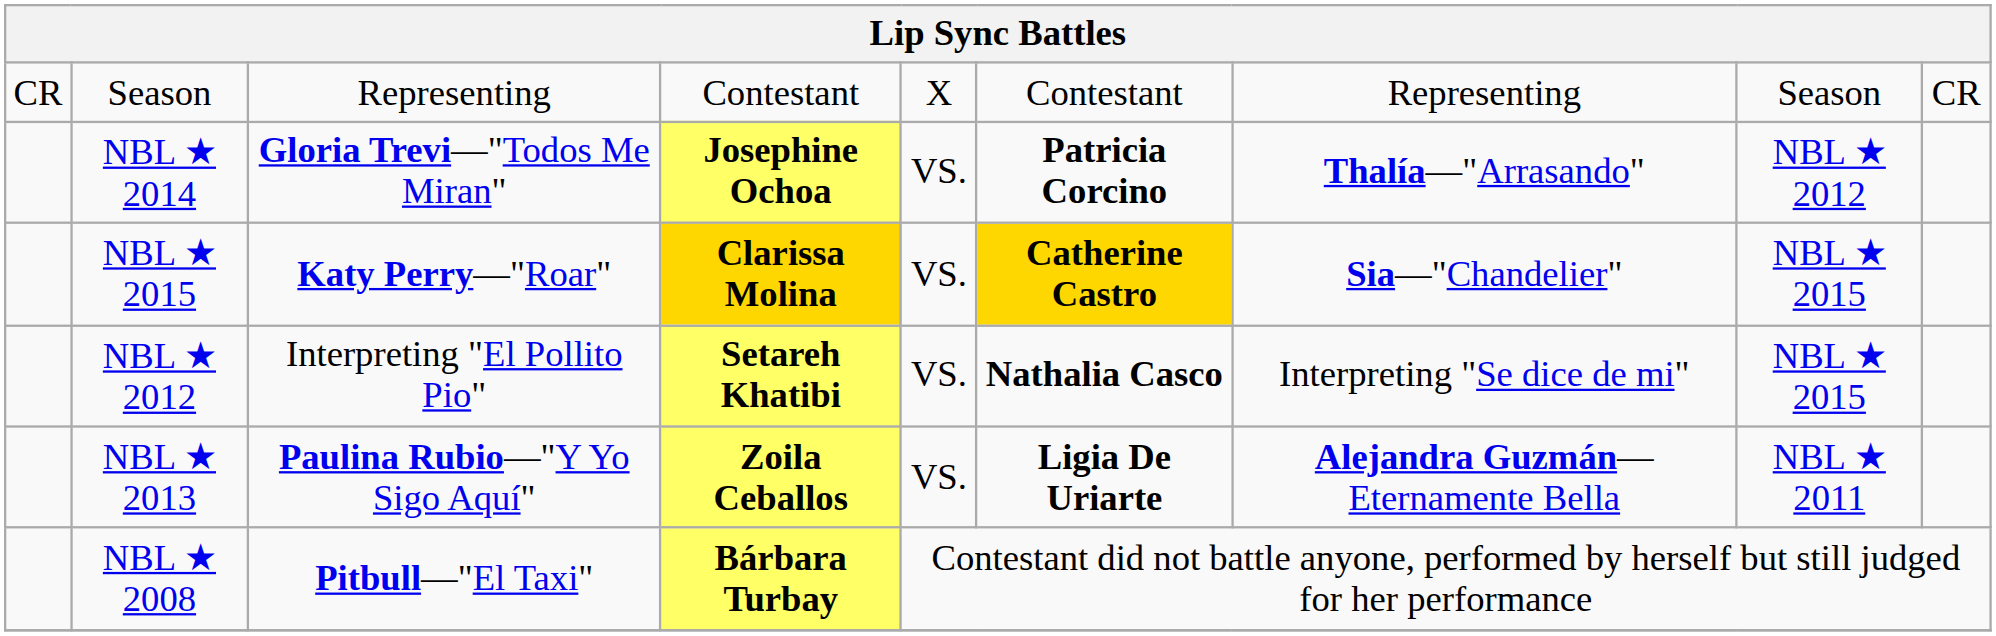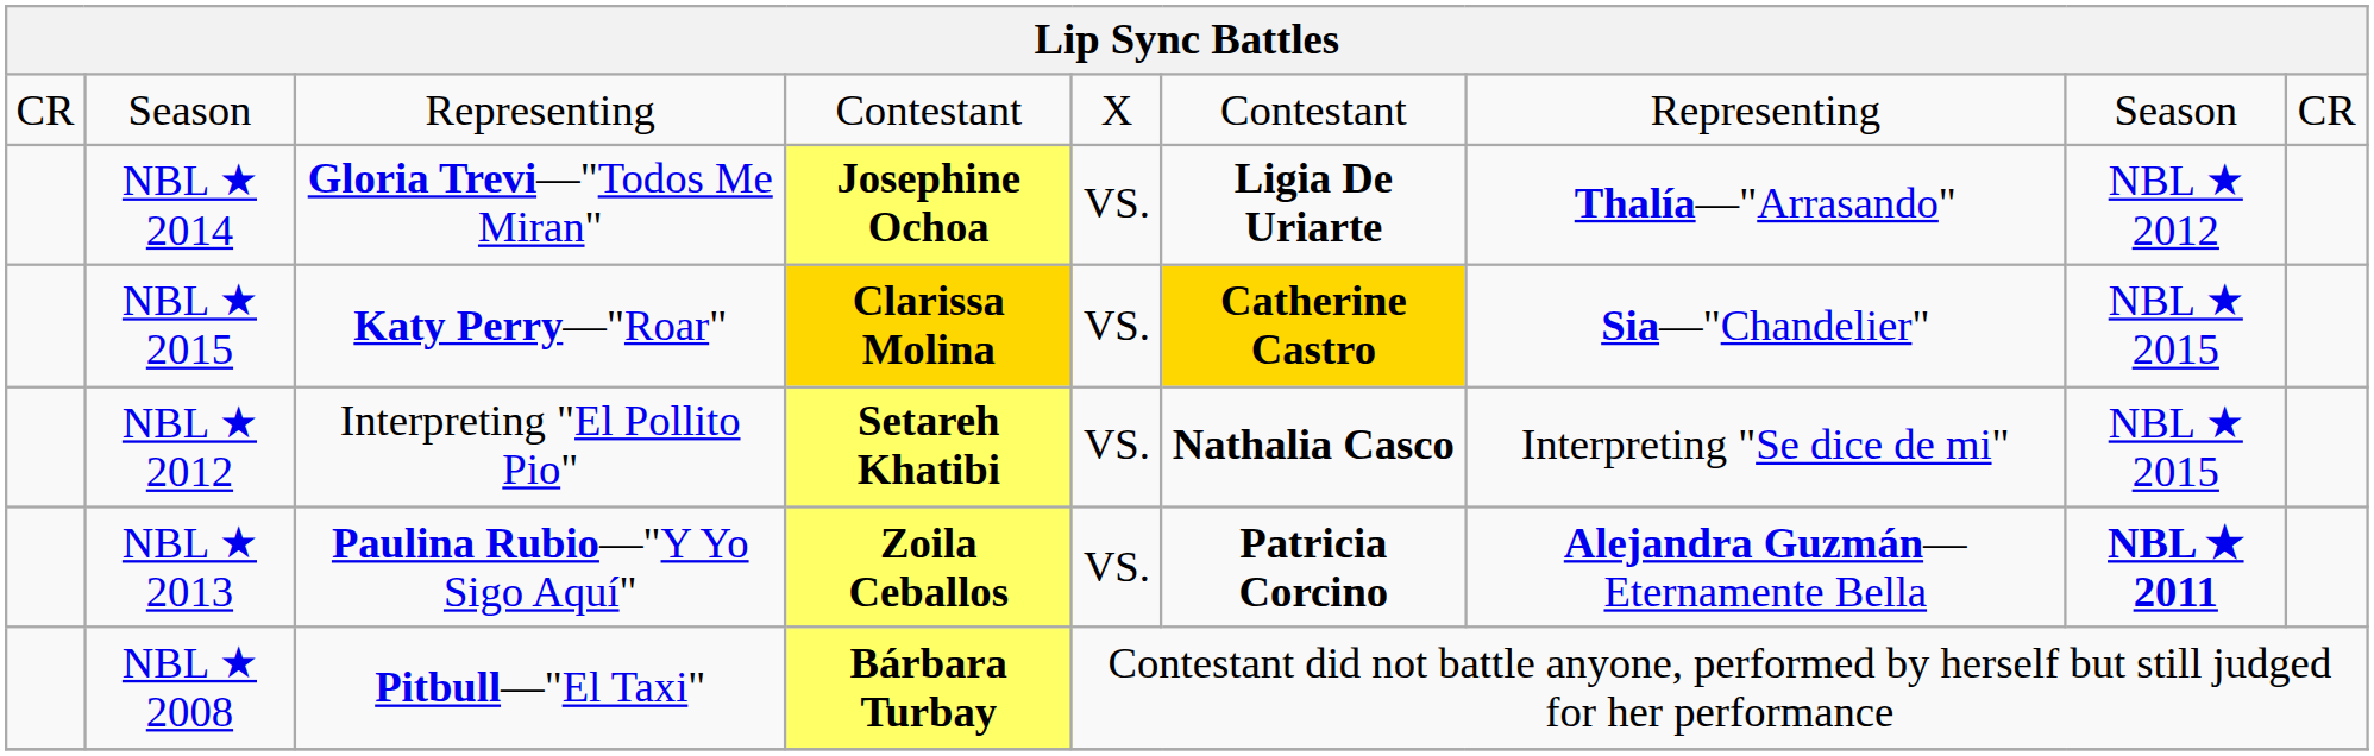 <table class="wikitable collapsible autocollapse" style="text-align:center;">
 <tr>
 <th colspan="9">Lip Sync Battles</th>
 </tr>
 <tr>
 <td>CR</td>
 <td>Season</td>
 <td>Representing</td>
 <td>Contestant</td>
 <td>X</td>
 <td>Contestant</td>
 <td>Representing</td>
 <td>Season</td>
 <td>CR</td>
 </tr>
 <tr>
 <td></td>
 <td><a href='#'>NBL ★ 2014</a></td>
 <td><strong><a href='#'>Gloria Trevi</a></strong>—"<a href='#'>Todos Me Miran</a>"</td>
 <td style="background:#FFFF66"><strong>Josephine Ochoa</strong></td>
 <td>VS.</td>
-<td><strong>Patricia Corcino</strong></td>
+<td><strong>Ligia De Uriarte</strong></td>
 <td><strong><a href='#'>Thalía</a></strong>—"<a href='#'>Arrasando</a>"</td>
 <td><a href='#'>NBL ★ 2012</a></td>
 <td></td>
 </tr>
 <tr>
 <td></td>
 <td><a href='#'>NBL ★ 2015</a></td>
 <td><strong><a href='#'>Katy Perry</a></strong>—"<a href='#'>Roar</a>"</td>
 <td style="background:gold"><strong>Clarissa Molina</strong></td>
 <td>VS.</td>
 <td style="background:gold"><strong>Catherine Castro</strong></td>
 <td><strong><a href='#'>Sia</a></strong>—"<a href='#'>Chandelier</a>"</td>
 <td><a href='#'>NBL ★ 2015</a></td>
 <td></td>
 </tr>
 <tr>
 <td></td>
 <td><a href='#'>NBL ★ 2012</a></td>
 <td>Interpreting "<a href='#'>El Pollito Pio</a>"</td>
 <td style="background:#FFFF66"><strong>Setareh Khatibi</strong></td>
 <td>VS.</td>
 <td><strong>Nathalia Casco</strong></td>
 <td>Interpreting "<a href='#'>Se dice de mi</a>"</td>
 <td><a href='#'>NBL ★ 2015</a></td>
 <td></td>
 </tr>
 <tr>
 <td></td>
 <td><a href='#'>NBL ★ 2013</a></td>
 <td><strong><a href='#'>Paulina Rubio</a></strong>—"<a href='#'>Y Yo Sigo Aquí</a>"</td>
 <td style="background:#FFFF66"><strong>Zoila Ceballos</strong></td>
 <td>VS.</td>
-<td><strong>Ligia De Uriarte</strong></td>
+<td><strong>Patricia Corcino</strong></td>
 <td><strong><a href='#'>Alejandra Guzmán</a></strong>—<a href='#'>Eternamente Bella</a></td>
-<td><a href='#'>NBL ★ 2011</a></td>
+<td><strong><a href='#'>NBL ★ 2011</a></strong></td>
 <td></td>
 </tr>
 <tr>
 <td></td>
 <td><a href='#'>NBL ★ 2008</a></td>
 <td><strong><a href='#'>Pitbull</a></strong>—"<a href='#'>El Taxi</a>"</td>
 <td style="background:#FFFF66"><strong>Bárbara Turbay</strong></td>
 <td colspan="5">Contestant did not battle anyone, performed by herself but still judged for her performance</td>
 </tr>
 <tr>
 </tr>
 </table>
